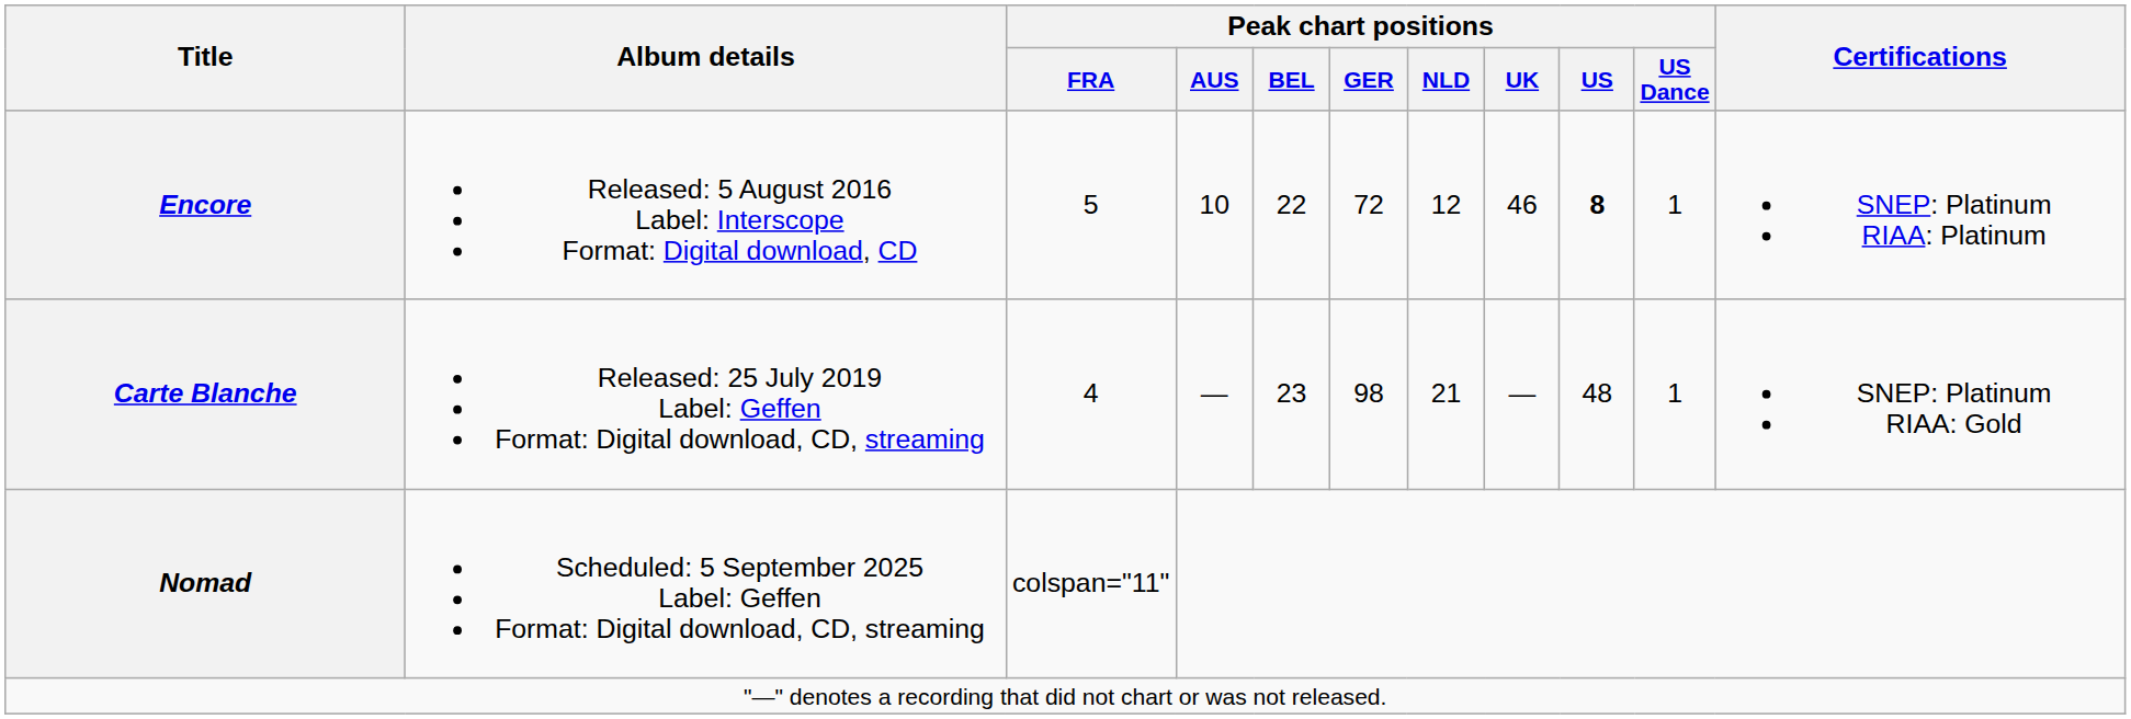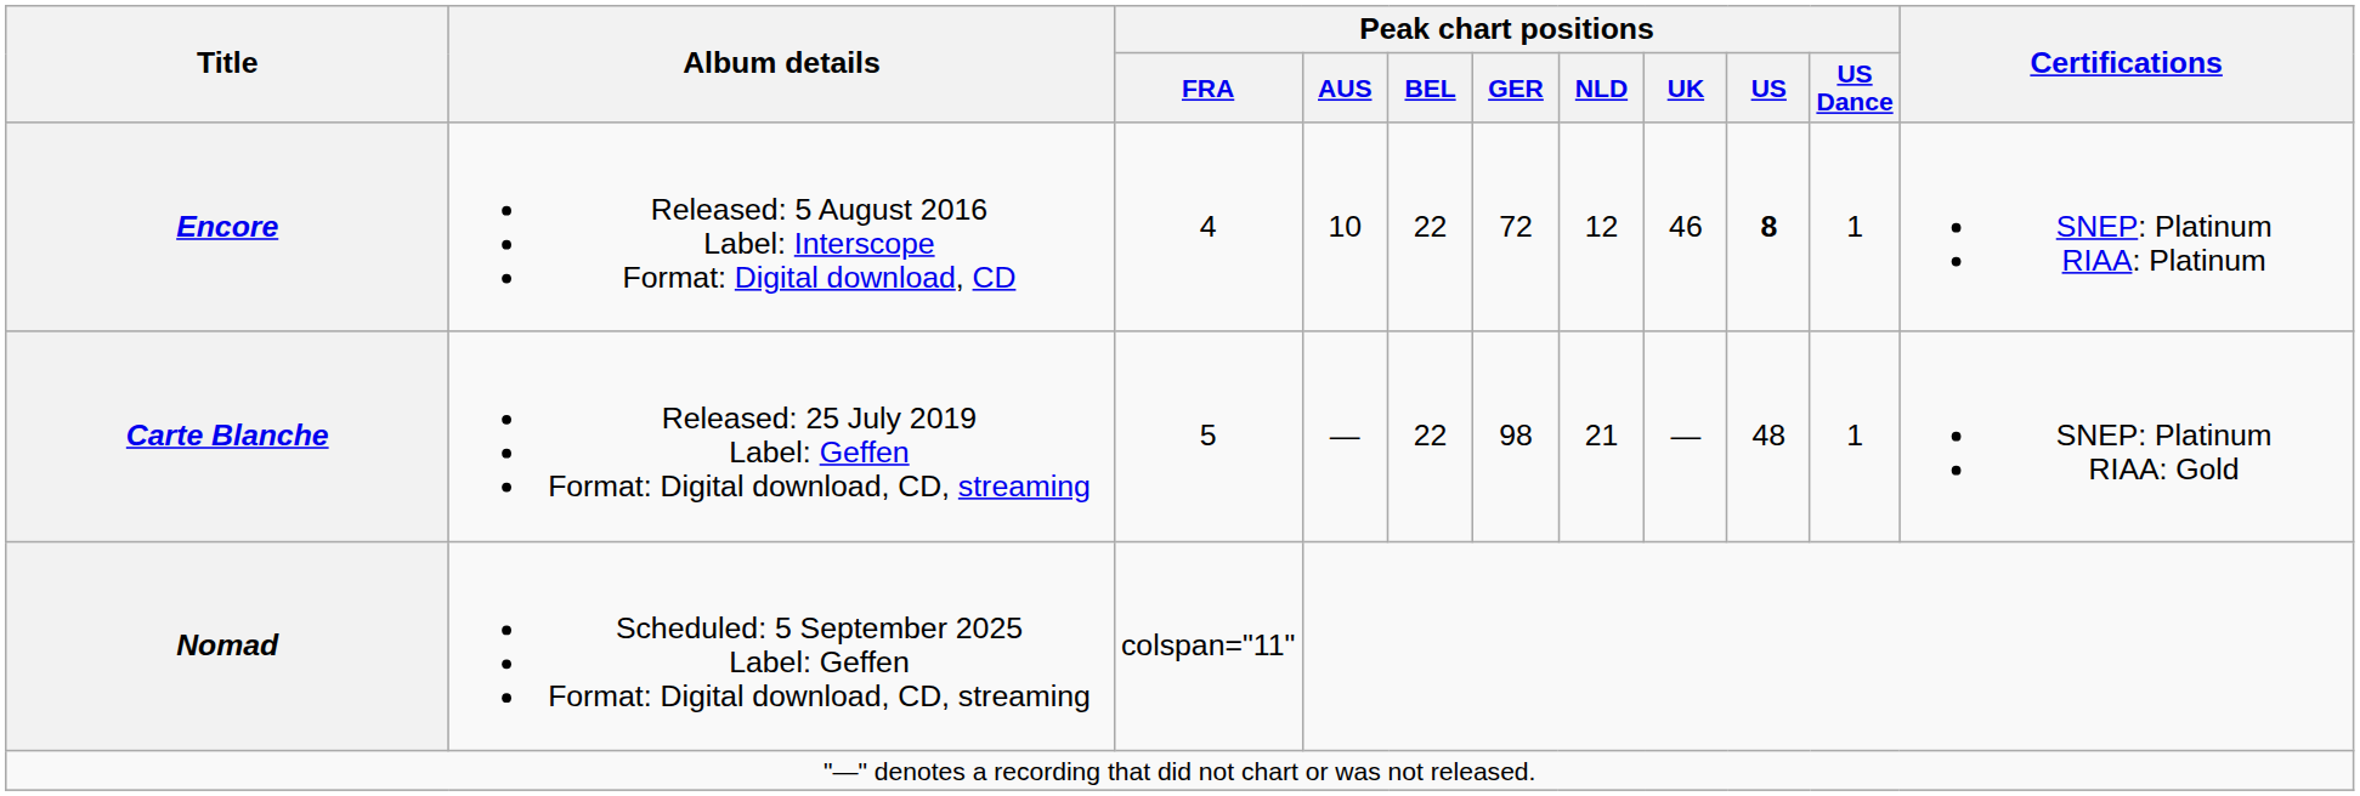 <table class="wikitable plainrowheaders" style="text-align:center;" border="1">
 <tr>
 <th scope="col" rowspan="2" style="width:16em;">Title</th>
 <th scope="col" rowspan="2" style="width:24em;">Album details</th>
 <th scope="col" colspan="8">Peak chart positions</th>
 <th scope="col" rowspan="2" style="width:16em;"><a href='#'>Certifications</a></th>
 </tr>
 <tr>
 <th scope="col" style="width:3em;font-size:85%;"><a href='#'>FRA</a><br></th>
 <th scope="col" style="width:3em;font-size:85%;"><a href='#'>AUS</a><br></th>
 <th scope="col" style="width:3em;font-size:85%;"><a href='#'>BEL</a><br></th>
 <th scope="col" style="width:3em;font-size:85%;"><a href='#'>GER</a><br></th>
 <th scope="col" style="width:3em;font-size:85%;"><a href='#'>NLD</a><br></th>
 <th scope="col" style="width:3em;font-size:85%;"><a href='#'>UK</a><br></th>
 <th scope="col" style="width:3em;font-size:85%;"><a href='#'>US</a><br></th>
 <th scope="col" style="width:3em;font-size:85%;"><a href='#'>US<br>Dance</a><br></th>
 </tr>
 <tr>
 <th scope="row"><em><a href='#'>Encore</a></em></th>
 <td><br><ul><li>Released: 5 August 2016</li><li>Label: <a href='#'>Interscope</a></li><li>Format: <a href='#'>Digital download</a>, <a href='#'>CD</a></li></ul></td>
-<td>5</td>
+<td>4</td>
 <td>10</td>
 <td>22</td>
 <td>72</td>
 <td>12</td>
 <td>46</td>
 <td><strong>8</strong></td>
 <td>1</td>
 <td><br><ul><li><a href='#'>SNEP</a>: Platinum</li><li><a href='#'>RIAA</a>: Platinum</li></ul></td>
 </tr>
 <tr>
 <th scope="row"><em><a href='#'>Carte Blanche</a></em></th>
 <td><br><ul><li>Released: 25 July 2019</li><li>Label: <a href='#'>Geffen</a></li><li>Format: Digital download, CD, <a href='#'>streaming</a></li></ul></td>
-<td>4</td>
+<td>5</td>
 <td>—</td>
-<td>23</td>
+<td>22</td>
 <td>98</td>
 <td>21</td>
 <td>—</td>
 <td>48</td>
 <td>1</td>
 <td><br><ul><li>SNEP: Platinum</li><li>RIAA: Gold</li></ul></td>
 </tr>
 <tr>
 <th scope="row"><em>Nomad</em></th>
 <td><br><ul><li>Scheduled: 5 September 2025</li><li>Label: Geffen</li><li>Format: Digital download, CD, streaming</li></ul></td>
 <td>colspan="11" </td>
 </tr>
 <tr>
 <td colspan="11" style="font-size:85%">"—" denotes a recording that did not chart or was not released.</td>
 </tr>
 </table>
